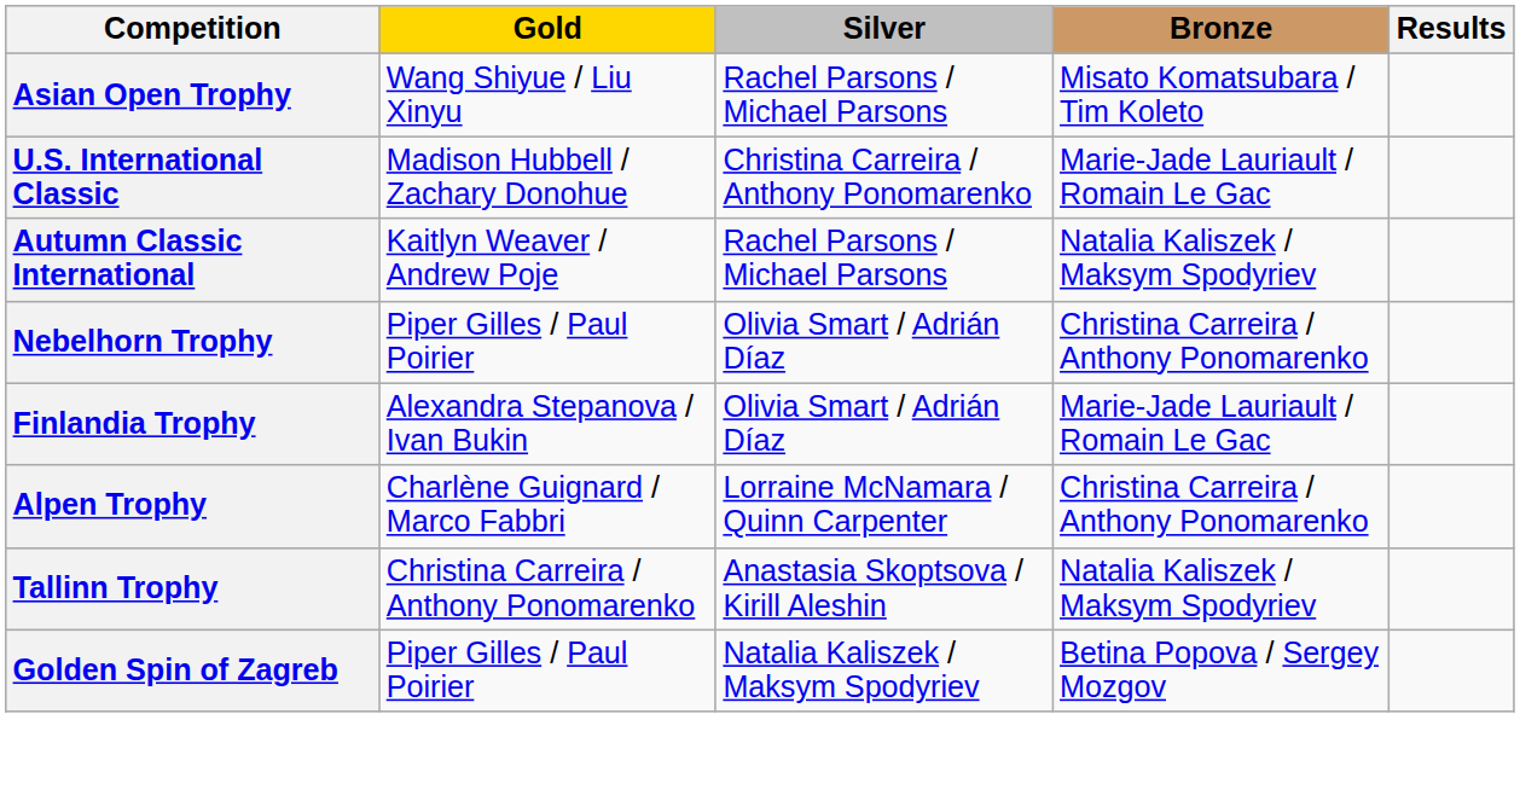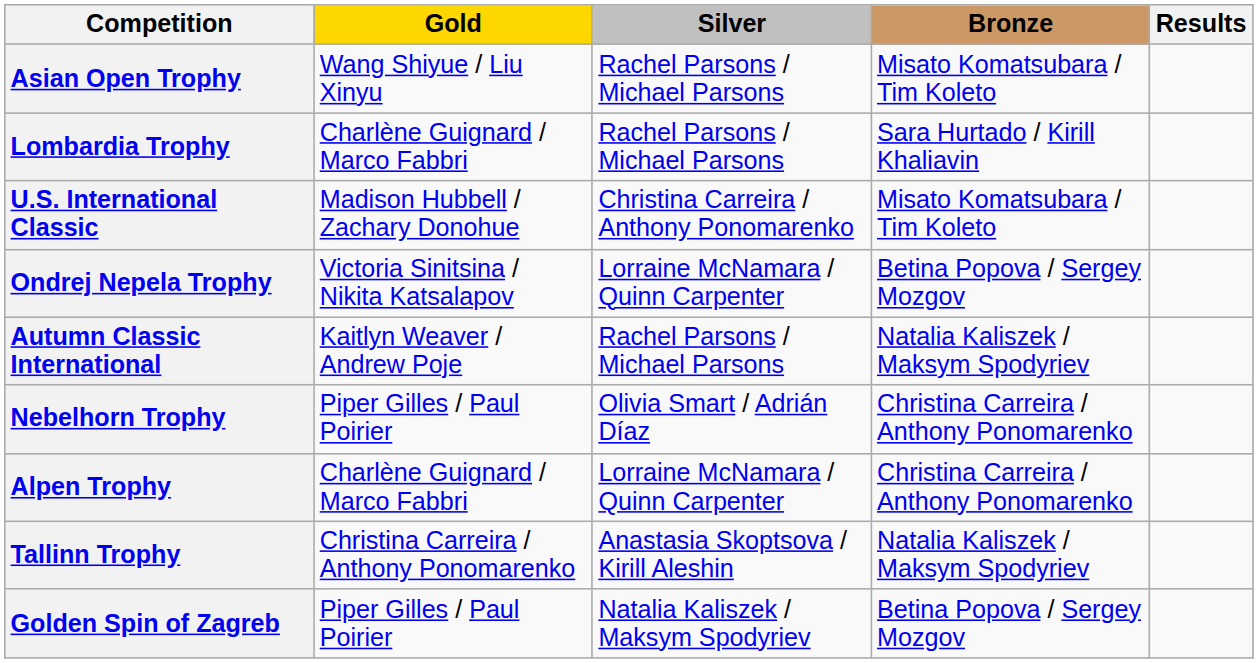 <table class="wikitable unsortable" style="text-align:left; width:90%;">
 <tr>
 <th scope="col" style="text-align:center; width:25%;">Competition</th>
 <td scope="col" style="text-align:center; width:22.5%; background:gold"><strong>Gold</strong></td>
 <td scope="col" style="text-align:center; width:22.5%; background:silver"><strong>Silver</strong></td>
 <td scope="col" style="text-align:center; width:22.5%; background:#c96"><strong>Bronze</strong></td>
 <th scope="col" style="text-align:center; width:7.5%;">Results</th>
 </tr>
 <tr>
 <th scope="row" style="text-align:left"> <a href='#'>Asian Open Trophy</a></th>
 <td> <a href='#'>Wang Shiyue</a> / <a href='#'>Liu Xinyu</a></td>
 <td> <a href='#'>Rachel Parsons</a> / <a href='#'>Michael Parsons</a></td>
 <td> <a href='#'>Misato Komatsubara</a> / <a href='#'>Tim Koleto</a></td>
 <td></td>
 </tr>
 <tr>
+<th scope="row" style="text-align:left"> <a href='#'>Lombardia Trophy</a></th>
+<td> <a href='#'>Charlène Guignard</a> / <a href='#'>Marco Fabbri</a></td>
+<td> <a href='#'>Rachel Parsons</a> / <a href='#'>Michael Parsons</a></td>
+<td> <a href='#'>Sara Hurtado</a> / <a href='#'>Kirill Khaliavin</a></td>
+<td></td>
+</tr>
+<tr>
 <th scope="row" style="text-align:left"> <a href='#'>U.S. International Classic</a></th>
 <td> <a href='#'>Madison Hubbell</a> / <a href='#'>Zachary Donohue</a></td>
 <td> <a href='#'>Christina Carreira</a> / <a href='#'>Anthony Ponomarenko</a></td>
-<td> <a href='#'>Marie-Jade Lauriault</a> / <a href='#'>Romain Le Gac</a></td>
+<td> <a href='#'>Misato Komatsubara</a> / <a href='#'>Tim Koleto</a></td>
+<td></td>
+</tr>
+<tr>
+<th scope="row" style="text-align:left"> <a href='#'>Ondrej Nepela Trophy</a></th>
+<td> <a href='#'>Victoria Sinitsina</a> / <a href='#'>Nikita Katsalapov</a></td>
+<td> <a href='#'>Lorraine McNamara</a> / <a href='#'>Quinn Carpenter</a></td>
+<td> <a href='#'>Betina Popova</a> / <a href='#'>Sergey Mozgov</a></td>
 <td></td>
 </tr>
 <tr>
 <th scope="row" style="text-align:left"> <a href='#'>Autumn Classic International</a></th>
 <td> <a href='#'>Kaitlyn Weaver</a> / <a href='#'>Andrew Poje</a></td>
 <td> <a href='#'>Rachel Parsons</a> / <a href='#'>Michael Parsons</a></td>
 <td> <a href='#'>Natalia Kaliszek</a> / <a href='#'>Maksym Spodyriev</a></td>
 <td></td>
 </tr>
 <tr>
 <th scope="row" style="text-align:left"> <a href='#'>Nebelhorn Trophy</a></th>
 <td> <a href='#'>Piper Gilles</a> / <a href='#'>Paul Poirier</a></td>
 <td> <a href='#'>Olivia Smart</a> / <a href='#'>Adrián Díaz</a></td>
 <td> <a href='#'>Christina Carreira</a> / <a href='#'>Anthony Ponomarenko</a></td>
-<td></td>
-</tr>
-<tr>
-<th scope="row" style="text-align:left"> <a href='#'>Finlandia Trophy</a></th>
-<td> <a href='#'>Alexandra Stepanova</a> / <a href='#'>Ivan Bukin</a></td>
-<td> <a href='#'>Olivia Smart</a> / <a href='#'>Adrián Díaz</a></td>
-<td> <a href='#'>Marie-Jade Lauriault</a> / <a href='#'>Romain Le Gac</a></td>
 <td></td>
 </tr>
 <tr>
 <th scope="row" style="text-align:left"> <a href='#'>Alpen Trophy</a></th>
 <td> <a href='#'>Charlène Guignard</a> / <a href='#'>Marco Fabbri</a></td>
 <td> <a href='#'>Lorraine McNamara</a> / <a href='#'>Quinn Carpenter</a></td>
 <td> <a href='#'>Christina Carreira</a> / <a href='#'>Anthony Ponomarenko</a></td>
 <td></td>
 </tr>
 <tr>
 <th scope="row" style="text-align:left"> <a href='#'>Tallinn Trophy</a></th>
 <td> <a href='#'>Christina Carreira</a> / <a href='#'>Anthony Ponomarenko</a></td>
 <td> <a href='#'>Anastasia Skoptsova</a> / <a href='#'>Kirill Aleshin</a></td>
 <td> <a href='#'>Natalia Kaliszek</a> / <a href='#'>Maksym Spodyriev</a></td>
 <td></td>
 </tr>
 <tr>
 <th scope="row" style="text-align:left"> <a href='#'>Golden Spin of Zagreb</a></th>
 <td> <a href='#'>Piper Gilles</a> / <a href='#'>Paul Poirier</a></td>
 <td> <a href='#'>Natalia Kaliszek</a> / <a href='#'>Maksym Spodyriev</a></td>
 <td> <a href='#'>Betina Popova</a> / <a href='#'>Sergey Mozgov</a></td>
 <td></td>
 </tr>
 </table>
